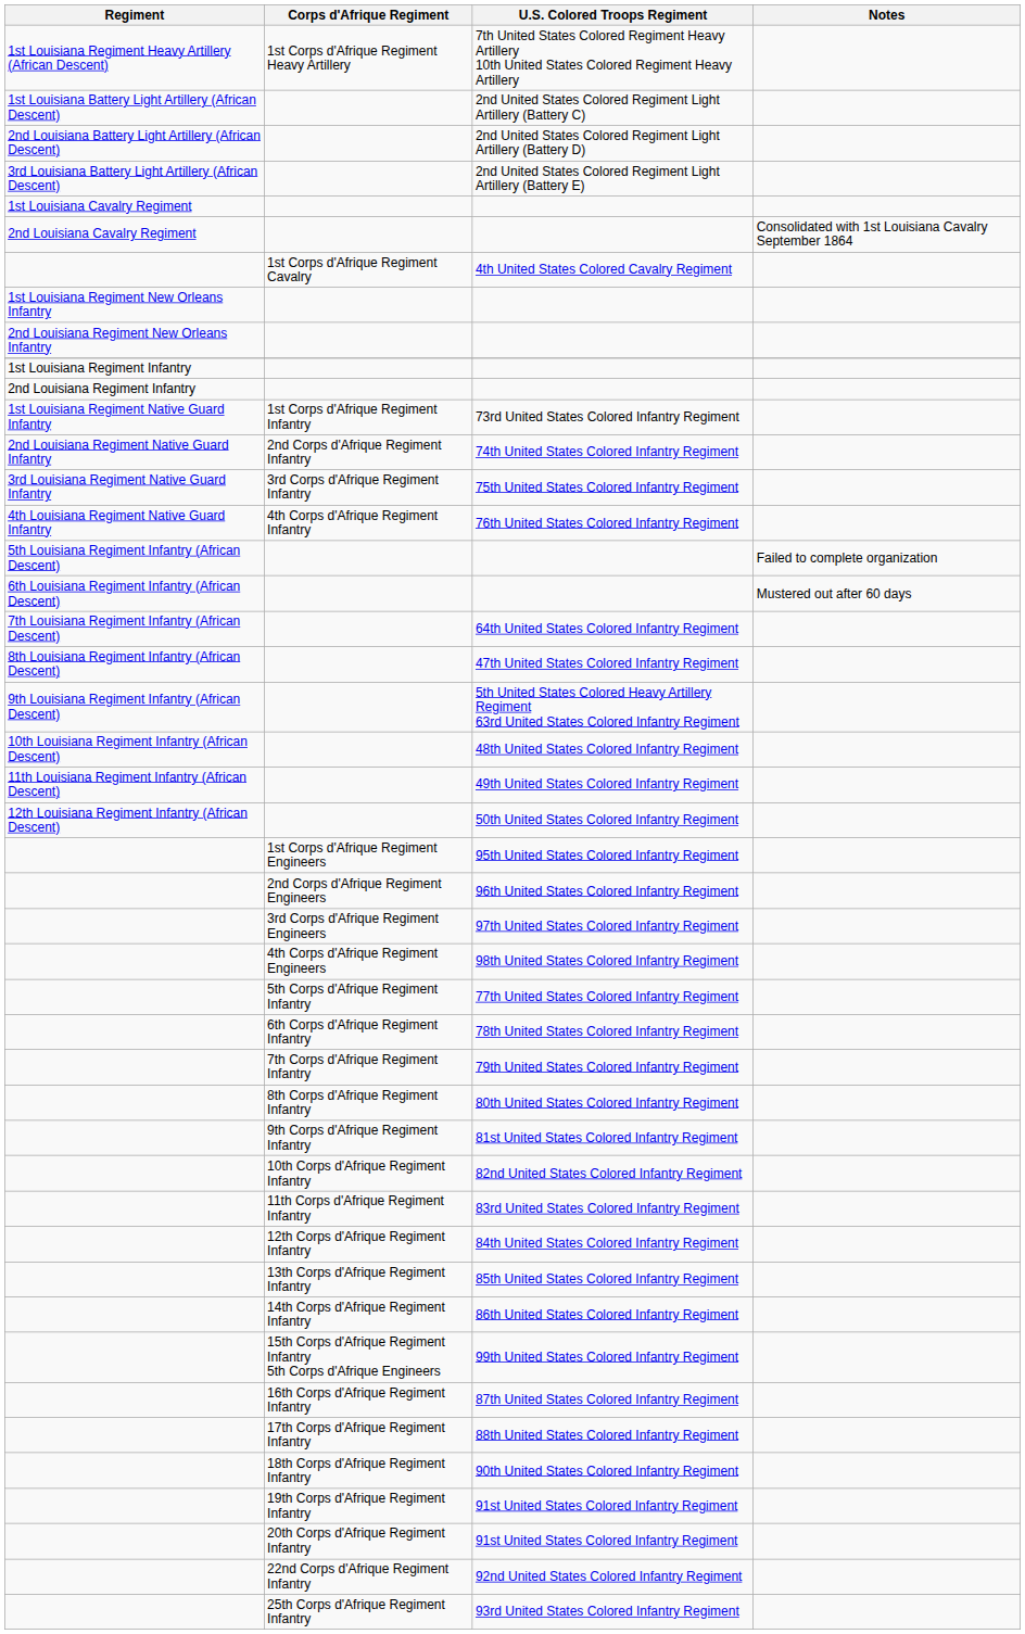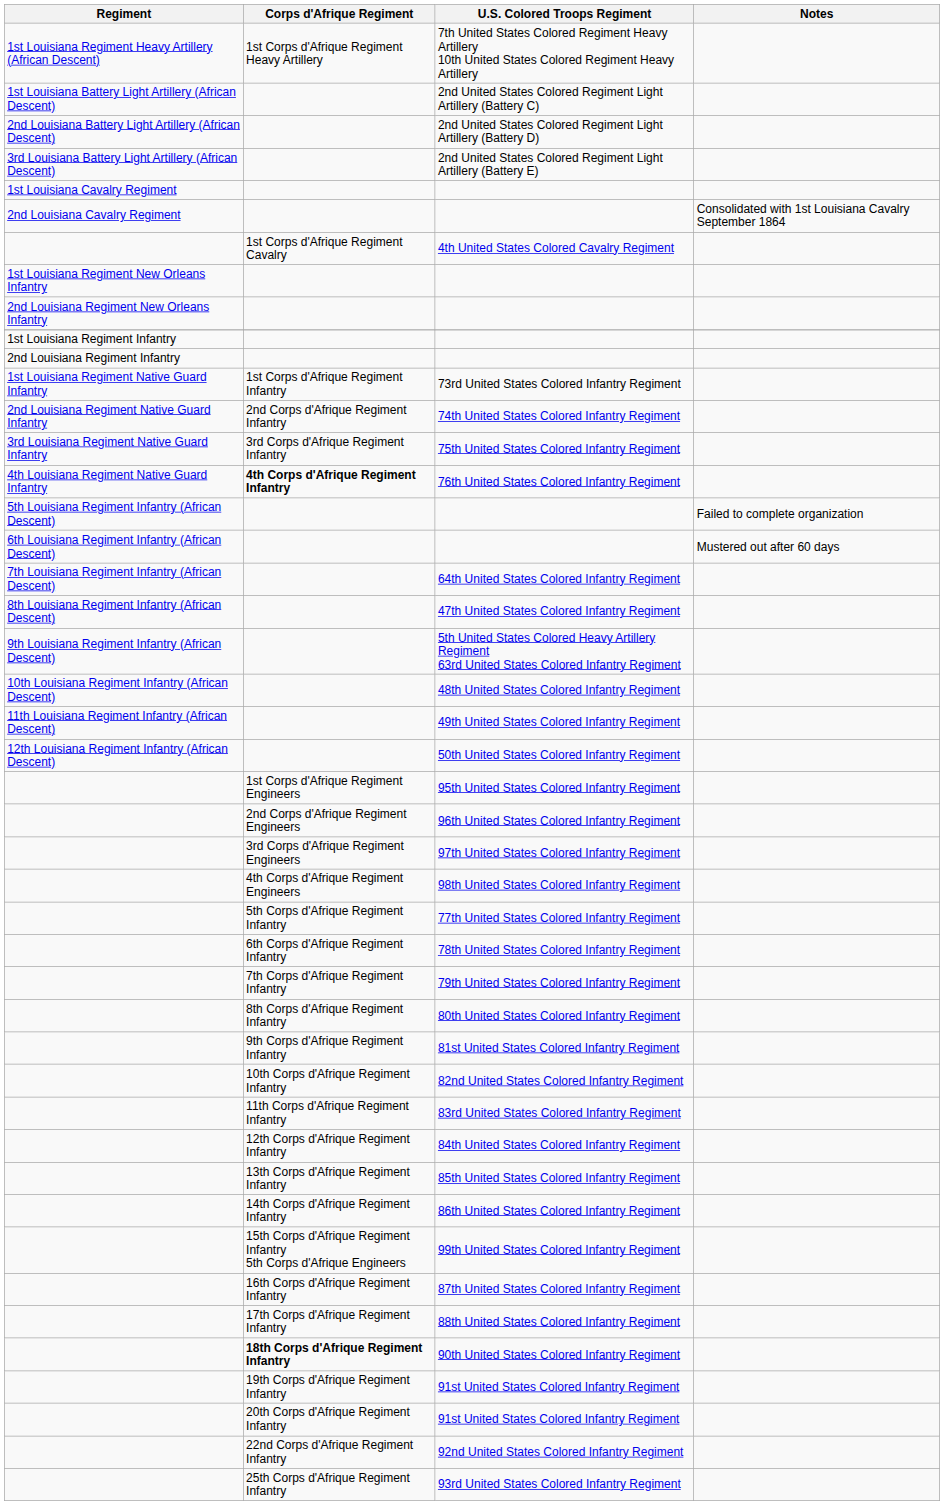 <table class="wikitable">
 <tr>
 <th>Regiment</th>
 <th>Corps d'Afrique Regiment</th>
 <th>U.S. Colored Troops Regiment</th>
 <th>Notes</th>
 </tr>
 <tr>
 <td><a href='#'>1st Louisiana Regiment Heavy Artillery (African Descent)</a></td>
 <td>1st Corps d'Afrique Regiment Heavy Artillery</td>
 <td>7th United States Colored Regiment Heavy Artillery<br>10th United States Colored Regiment Heavy Artillery</td>
 <td></td>
 </tr>
 <tr>
 <td><a href='#'>1st Louisiana Battery Light Artillery (African Descent)</a></td>
 <td></td>
 <td>2nd United States Colored Regiment Light Artillery (Battery C)</td>
 <td></td>
 </tr>
 <tr>
 <td><a href='#'>2nd Louisiana Battery Light Artillery (African Descent)</a></td>
 <td></td>
 <td>2nd United States Colored Regiment Light Artillery (Battery D)</td>
 <td></td>
 </tr>
 <tr>
 <td><a href='#'>3rd Louisiana Battery Light Artillery (African Descent)</a></td>
 <td></td>
 <td>2nd United States Colored Regiment Light Artillery (Battery E)</td>
 <td></td>
 </tr>
 <tr>
 <td><a href='#'>1st Louisiana Cavalry Regiment</a></td>
 <td></td>
 <td></td>
 <td></td>
 </tr>
 <tr>
 <td><a href='#'>2nd Louisiana Cavalry Regiment</a></td>
 <td></td>
 <td></td>
 <td>Consolidated with 1st Louisiana Cavalry September 1864</td>
 </tr>
 <tr>
 <td></td>
 <td>1st Corps d'Afrique Regiment Cavalry</td>
 <td><a href='#'>4th United States Colored Cavalry Regiment</a></td>
 <td></td>
 </tr>
 <tr>
 <td><a href='#'>1st Louisiana Regiment New Orleans Infantry</a></td>
 <td></td>
 <td></td>
 <td></td>
 </tr>
 <tr>
 <td><a href='#'>2nd Louisiana Regiment New Orleans Infantry</a></td>
 <td></td>
 <td></td>
 <td></td>
 </tr>
 <tr>
 </tr>
 <tr>
 <td>1st Louisiana Regiment Infantry</td>
 <td></td>
 <td></td>
 <td></td>
 </tr>
 <tr>
 <td>2nd Louisiana Regiment Infantry</td>
 <td></td>
 <td></td>
 <td></td>
 </tr>
 <tr>
 <td><a href='#'>1st Louisiana Regiment Native Guard Infantry</a></td>
 <td>1st Corps d'Afrique Regiment Infantry</td>
 <td>73rd United States Colored Infantry Regiment</td>
 <td></td>
 </tr>
 <tr>
 <td><a href='#'>2nd Louisiana Regiment Native Guard Infantry</a></td>
 <td>2nd Corps d'Afrique Regiment Infantry</td>
 <td><a href='#'>74th United States Colored Infantry Regiment</a></td>
 <td></td>
 </tr>
 <tr>
 <td><a href='#'>3rd Louisiana Regiment Native Guard Infantry</a></td>
 <td>3rd Corps d'Afrique Regiment Infantry</td>
 <td><a href='#'>75th United States Colored Infantry Regiment</a></td>
 <td></td>
 </tr>
 <tr>
 <td><a href='#'>4th Louisiana Regiment Native Guard Infantry</a></td>
-<td>4th Corps d'Afrique Regiment Infantry</td>
+<td><strong>4th Corps d'Afrique Regiment Infantry</strong></td>
 <td><a href='#'>76th United States Colored Infantry Regiment</a></td>
 <td></td>
 </tr>
 <tr>
 <td><a href='#'>5th Louisiana Regiment Infantry (African Descent)</a></td>
 <td></td>
 <td></td>
 <td>Failed to complete organization</td>
 </tr>
 <tr>
 <td><a href='#'>6th Louisiana Regiment Infantry (African Descent)</a></td>
 <td></td>
 <td></td>
 <td>Mustered out after 60 days</td>
 </tr>
 <tr>
 <td><a href='#'>7th Louisiana Regiment Infantry (African Descent)</a></td>
 <td></td>
 <td><a href='#'>64th United States Colored Infantry Regiment</a></td>
 <td></td>
 </tr>
 <tr>
 <td><a href='#'>8th Louisiana Regiment Infantry (African Descent)</a></td>
 <td></td>
 <td><a href='#'>47th United States Colored Infantry Regiment</a></td>
 <td></td>
 </tr>
 <tr>
 <td><a href='#'>9th Louisiana Regiment Infantry (African Descent)</a></td>
 <td></td>
 <td><a href='#'>5th United States Colored Heavy Artillery Regiment</a><br><a href='#'>63rd United States Colored Infantry Regiment</a></td>
 <td></td>
 </tr>
 <tr>
 <td><a href='#'>10th Louisiana Regiment Infantry (African Descent)</a></td>
 <td></td>
 <td><a href='#'>48th United States Colored Infantry Regiment</a></td>
 <td></td>
 </tr>
 <tr>
 <td><a href='#'>11th Louisiana Regiment Infantry (African Descent)</a></td>
 <td></td>
 <td><a href='#'>49th United States Colored Infantry Regiment</a></td>
 <td></td>
 </tr>
 <tr>
 <td><a href='#'>12th Louisiana Regiment Infantry (African Descent)</a></td>
 <td></td>
 <td><a href='#'>50th United States Colored Infantry Regiment</a></td>
 <td></td>
 </tr>
 <tr>
 <td></td>
 <td>1st Corps d'Afrique Regiment Engineers</td>
 <td><a href='#'>95th United States Colored Infantry Regiment</a></td>
 <td></td>
 </tr>
 <tr>
 <td></td>
 <td>2nd Corps d'Afrique Regiment Engineers</td>
 <td><a href='#'>96th United States Colored Infantry Regiment</a></td>
 <td></td>
 </tr>
 <tr>
 <td></td>
 <td>3rd Corps d'Afrique Regiment Engineers</td>
 <td><a href='#'>97th United States Colored Infantry Regiment</a></td>
 <td></td>
 </tr>
 <tr>
 <td></td>
 <td>4th Corps d'Afrique Regiment Engineers</td>
 <td><a href='#'>98th United States Colored Infantry Regiment</a></td>
 <td></td>
 </tr>
 <tr>
 <td></td>
 <td>5th Corps d'Afrique Regiment Infantry</td>
 <td><a href='#'>77th United States Colored Infantry Regiment</a></td>
 <td></td>
 </tr>
 <tr>
 <td></td>
 <td>6th Corps d'Afrique Regiment Infantry</td>
 <td><a href='#'>78th United States Colored Infantry Regiment</a></td>
 <td></td>
 </tr>
 <tr>
 <td></td>
 <td>7th Corps d'Afrique Regiment Infantry</td>
 <td><a href='#'>79th United States Colored Infantry Regiment</a></td>
 <td></td>
 </tr>
 <tr>
 <td></td>
 <td>8th Corps d'Afrique Regiment Infantry</td>
 <td><a href='#'>80th United States Colored Infantry Regiment</a></td>
 <td></td>
 </tr>
 <tr>
 <td></td>
 <td>9th Corps d'Afrique Regiment Infantry</td>
 <td><a href='#'>81st United States Colored Infantry Regiment</a></td>
 <td></td>
 </tr>
 <tr>
 <td></td>
 <td>10th Corps d'Afrique Regiment Infantry</td>
 <td><a href='#'>82nd United States Colored Infantry Regiment</a></td>
 <td></td>
 </tr>
 <tr>
 <td></td>
 <td>11th Corps d'Afrique Regiment Infantry</td>
 <td><a href='#'>83rd United States Colored Infantry Regiment</a></td>
 <td></td>
 </tr>
 <tr>
 <td></td>
 <td>12th Corps d'Afrique Regiment Infantry</td>
 <td><a href='#'>84th United States Colored Infantry Regiment</a></td>
 <td></td>
 </tr>
 <tr>
 <td></td>
 <td>13th Corps d'Afrique Regiment Infantry</td>
 <td><a href='#'>85th United States Colored Infantry Regiment</a></td>
 <td></td>
 </tr>
 <tr>
 <td></td>
 <td>14th Corps d'Afrique Regiment Infantry</td>
 <td><a href='#'>86th United States Colored Infantry Regiment</a></td>
 <td></td>
 </tr>
 <tr>
 <td></td>
 <td>15th Corps d'Afrique Regiment Infantry <br> 5th Corps d'Afrique Engineers</td>
 <td><a href='#'>99th United States Colored Infantry Regiment</a></td>
 <td></td>
 </tr>
 <tr>
 <td></td>
 <td>16th Corps d'Afrique Regiment Infantry</td>
 <td><a href='#'>87th United States Colored Infantry Regiment</a></td>
 <td></td>
 </tr>
 <tr>
 <td></td>
 <td>17th Corps d'Afrique Regiment Infantry</td>
 <td><a href='#'>88th United States Colored Infantry Regiment</a></td>
 <td></td>
 </tr>
 <tr>
 <td></td>
-<td>18th Corps d'Afrique Regiment Infantry</td>
+<td><strong>18th Corps d'Afrique Regiment Infantry</strong></td>
 <td><a href='#'>90th United States Colored Infantry Regiment</a></td>
 <td></td>
 </tr>
 <tr>
 <td></td>
 <td>19th Corps d'Afrique Regiment Infantry</td>
 <td><a href='#'>91st United States Colored Infantry Regiment</a></td>
 <td></td>
 </tr>
 <tr>
 <td></td>
 <td>20th Corps d'Afrique Regiment Infantry</td>
 <td><a href='#'>91st United States Colored Infantry Regiment</a></td>
 <td></td>
 </tr>
 <tr>
 <td></td>
 <td>22nd Corps d'Afrique Regiment Infantry</td>
 <td><a href='#'>92nd United States Colored Infantry Regiment</a></td>
 <td></td>
 </tr>
 <tr>
 <td></td>
 <td>25th Corps d'Afrique Regiment Infantry</td>
 <td><a href='#'>93rd United States Colored Infantry Regiment</a></td>
 <td></td>
 </tr>
 </table>
